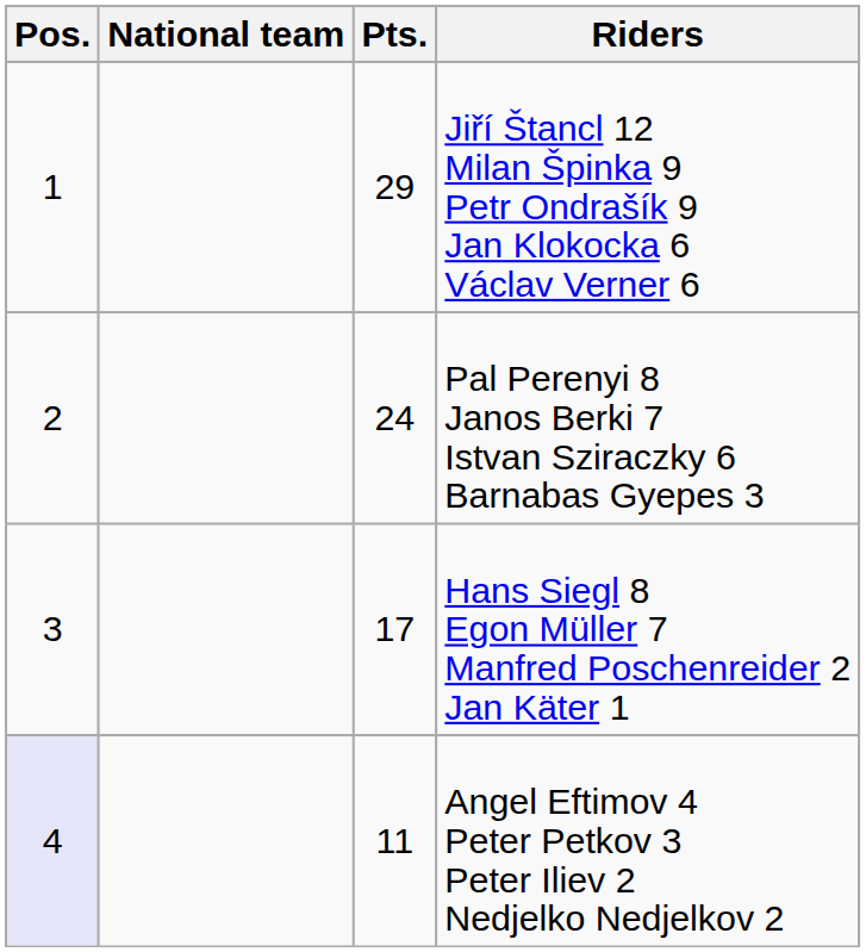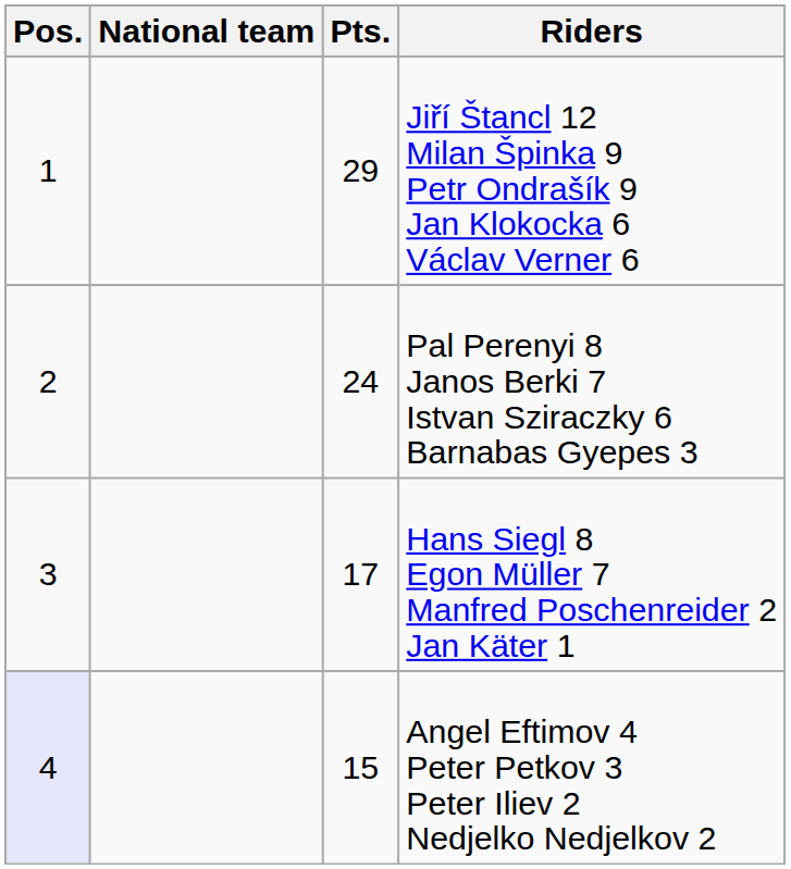 <table class=wikitable style="font-size:93%;">
 <tr>
 <th>Pos.</th>
 <th>National team</th>
 <th>Pts.</th>
 <th>Riders</th>
 </tr>
 <tr align=center >
 <td>1</td>
 <td align=left></td>
 <td>29</td>
 <td align=left><br><a href='#'>Jiří Štancl</a> 12<br> <a href='#'>Milan Špinka</a> 9<br> <a href='#'>Petr Ondrašík</a> 9<br> <a href='#'>Jan Klokocka</a> 6<br> <a href='#'>Václav Verner</a> 6</td>
 </tr>
 <tr align=center >
 <td>2</td>
 <td align=left></td>
 <td>24</td>
 <td align=left><br>Pal Perenyi 8<br> Janos Berki 7<br> Istvan Sziraczky 6<br> Barnabas Gyepes 3</td>
 </tr>
 <tr align=center>
 <td>3</td>
 <td align=left></td>
 <td>17</td>
 <td align=left><br><a href='#'>Hans Siegl</a> 8<br> <a href='#'>Egon Müller</a> 7<br> <a href='#'>Manfred Poschenreider</a> 2<br> <a href='#'>Jan Käter</a> 1</td>
 </tr>
 <tr align=center>
 <td style="background: lavender;">4</td>
 <td align=left></td>
-<td>11</td>
+<td>15</td>
 <td align=left><br>Angel Eftimov 4<br> Peter Petkov 3<br> Peter Iliev 2<br> Nedjelko Nedjelkov 2</td>
 </tr>
 </table>
